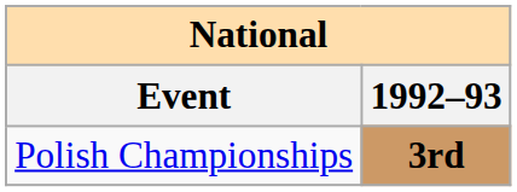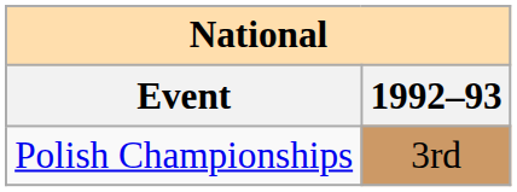 <table class="wikitable" style="text-align:center">
 <tr>
 <th style="background-color: #ffdead; " colspan=2 align=center>National</th>
 </tr>
 <tr>
 <th>Event</th>
 <th>1992–93</th>
 </tr>
 <tr>
 <td align=left><a href='#'>Polish Championships</a></td>
-<td bgcolor=cc9966><strong>3rd</strong></td>
+<td bgcolor=cc9966>3rd</td>
 </tr>
 </table>
